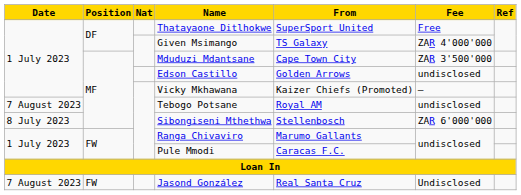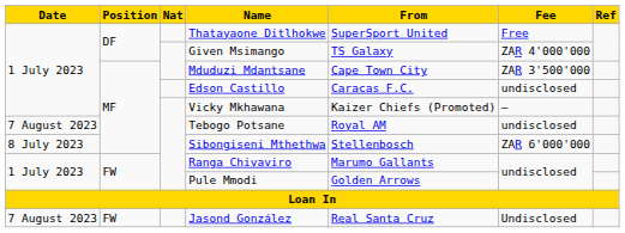 <table class="wikitable plainrowheaders sortable">
 <tr>
 <th style="background:#FFD700; color:Black; ">Date</th>
 <th style="background:#FFD700; color:Black; ">Position</th>
 <th style="background:#FFD700;  color:black; ">Nat</th>
 <th style="background:#FFD700; color:black; ">Name</th>
 <th style="background:#FFD700; color:black; ">From</th>
 <th style="background:#FFD700; color:black; ">Fee</th>
 <th style="background:#FFD700; color:black; text-align:center;">Ref</th>
 </tr>
 <tr>
 <td rowspan="5">1 July 2023</td>
 <td rowspan="2">DF</td>
 <td></td>
 <td><a href='#'>Thatayaone Ditlhokwe</a></td>
 <td><a href='#'>SuperSport United</a></td>
 <td><a href='#'>Free</a></td>
 <td rowspan="2"></td>
 </tr>
 <tr>
 <td rowspan="2"></td>
 <td>Given Msimango</td>
 <td><a href='#'>TS Galaxy</a></td>
 <td>ZA<a href='#'>R</a> 4'000'000</td>
 </tr>
 <tr>
 <td rowspan="5">MF</td>
 <td><a href='#'>Mduduzi Mdantsane</a></td>
 <td><a href='#'>Cape Town City</a></td>
 <td>ZA<a href='#'>R</a> 3'500'000</td>
 <td></td>
 </tr>
 <tr>
 <td></td>
 <td><a href='#'>Edson Castillo</a></td>
-<td><a href='#'>Golden Arrows</a></td>
+<td><a href='#'>Caracas F.C.</a></td>
 <td>undisclosed</td>
 <td></td>
 </tr>
 <tr>
 <td rowspan="5"></td>
 <td>Vicky Mkhawana</td>
 <td>Kaizer Chiefs (Promoted)</td>
 <td>—</td>
 <td></td>
 </tr>
 <tr>
 <td>7 August 2023</td>
 <td>Tebogo Potsane</td>
 <td><a href='#'>Royal AM</a></td>
 <td>undisclosed</td>
 <td></td>
 </tr>
 <tr>
 <td>8 July 2023</td>
 <td><a href='#'>Sibongiseni Mthethwa</a></td>
 <td><a href='#'>Stellenbosch</a></td>
 <td>ZA<a href='#'>R</a> 6'000'000</td>
 <td></td>
 </tr>
 <tr>
 <td rowspan="2">1 July 2023</td>
 <td rowspan="2">FW</td>
 <td><a href='#'>Ranga Chivaviro</a></td>
 <td><a href='#'>Marumo Gallants</a></td>
 <td rowspan="2">undisclosed</td>
 <td></td>
 </tr>
 <tr>
 <td>Pule Mmodi</td>
-<td><a href='#'>Caracas F.C.</a></td>
+<td><a href='#'>Golden Arrows</a></td>
 <td></td>
 </tr>
 <tr>
 <th style="background:#FFD700; color:Black"colspan="7">Loan In</th>
 </tr>
 <tr>
 <td>7 August 2023</td>
 <td>FW</td>
 <td></td>
 <td><a href='#'>Jasond González</a></td>
 <td><a href='#'>Real Santa Cruz</a></td>
 <td>Undisclosed</td>
 <td></td>
 </tr>
 </table>
